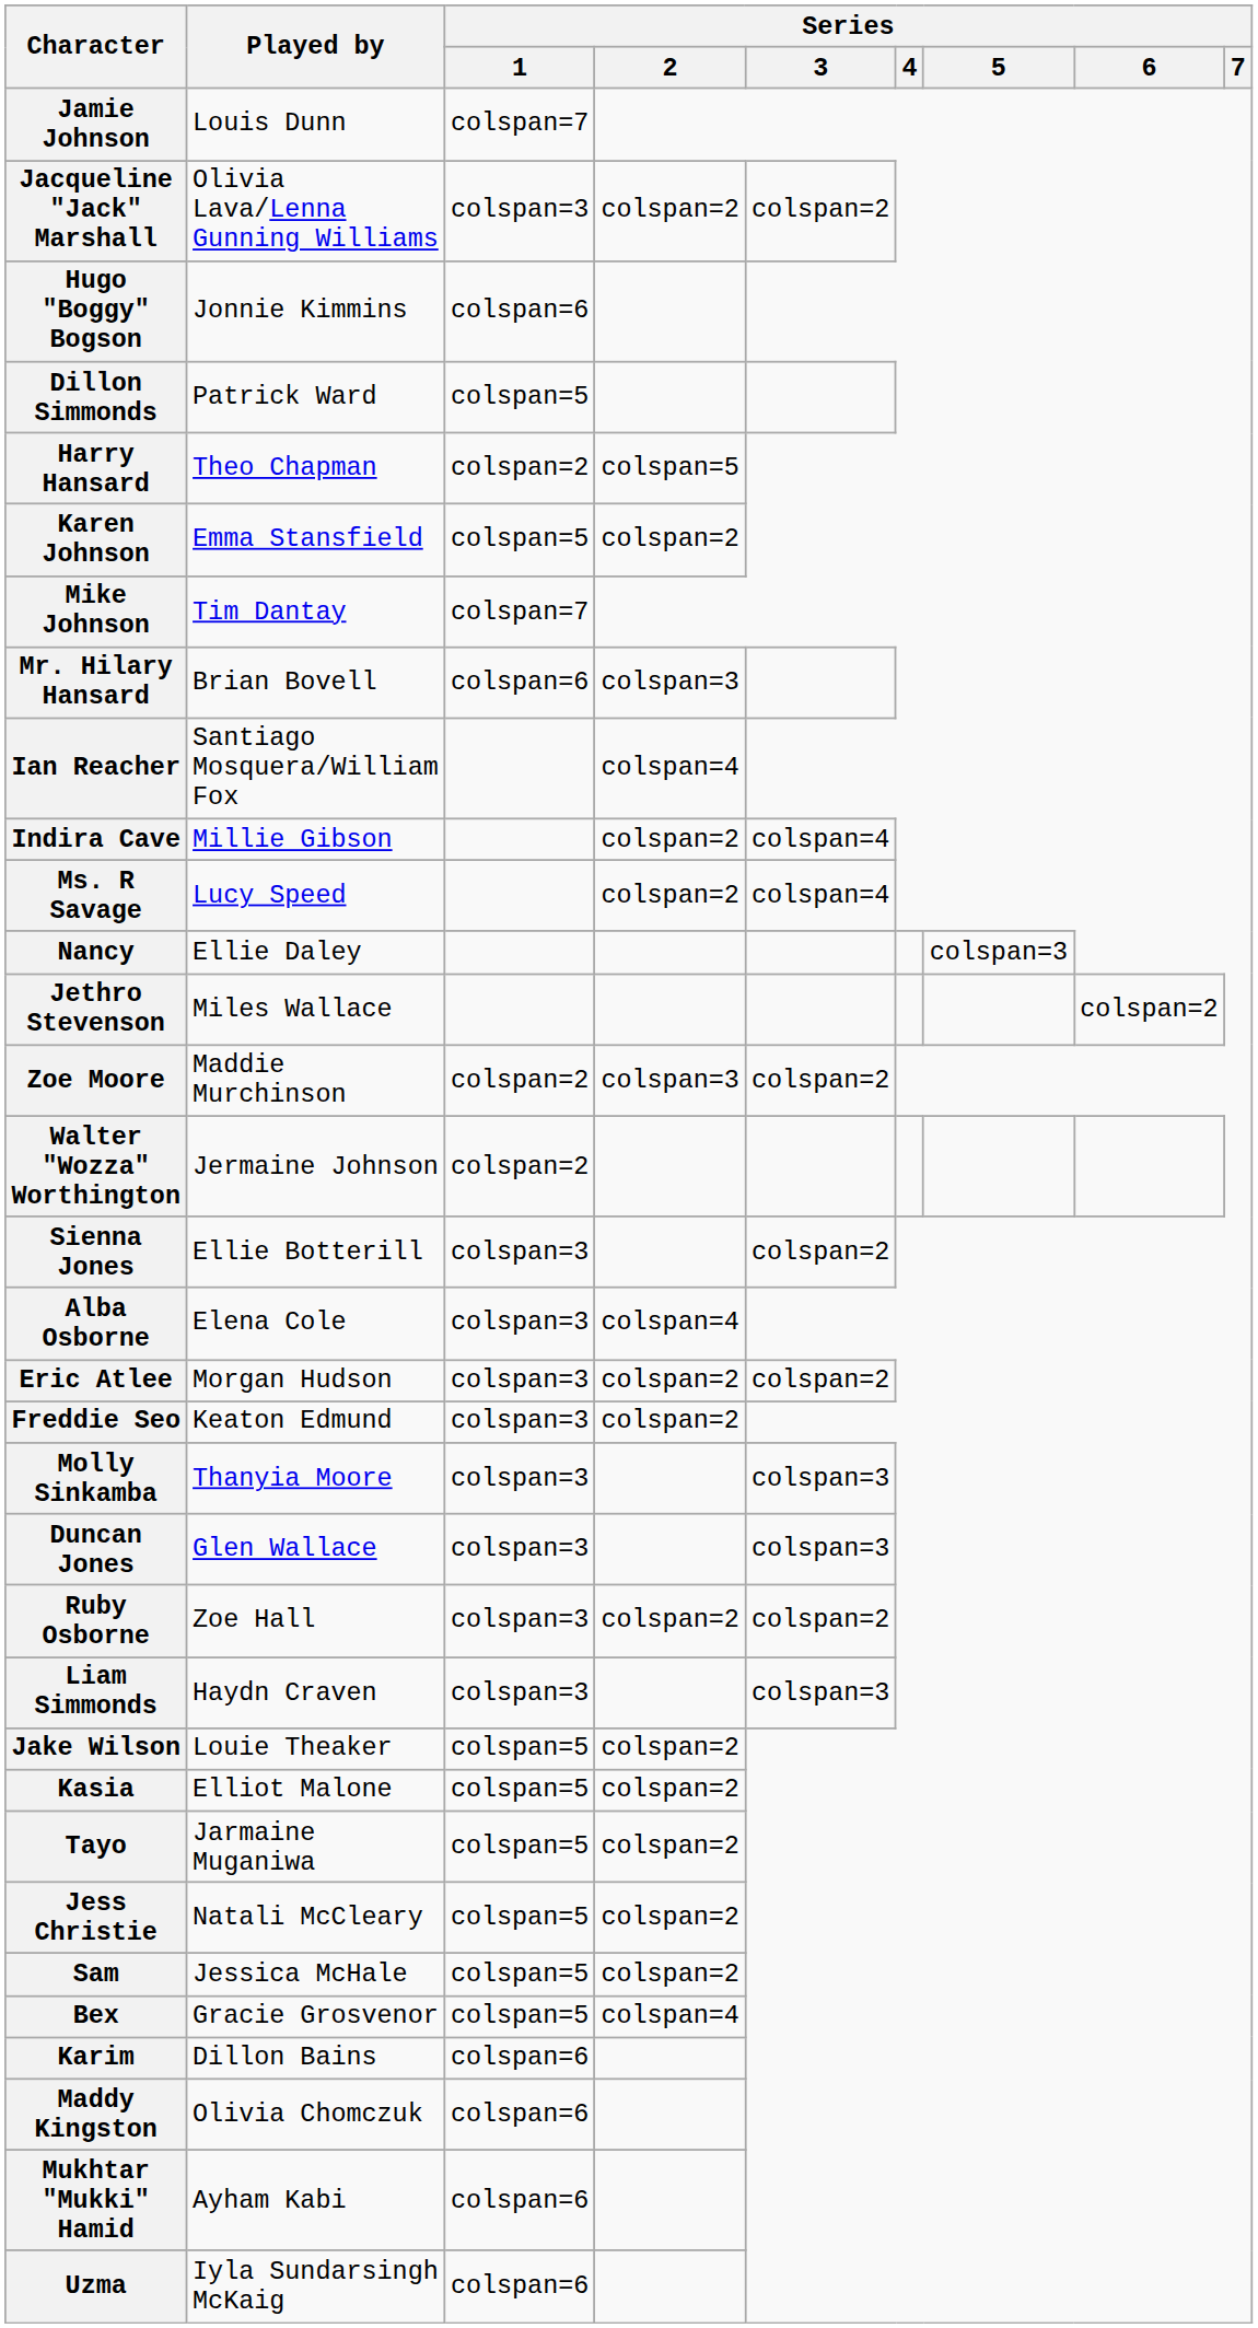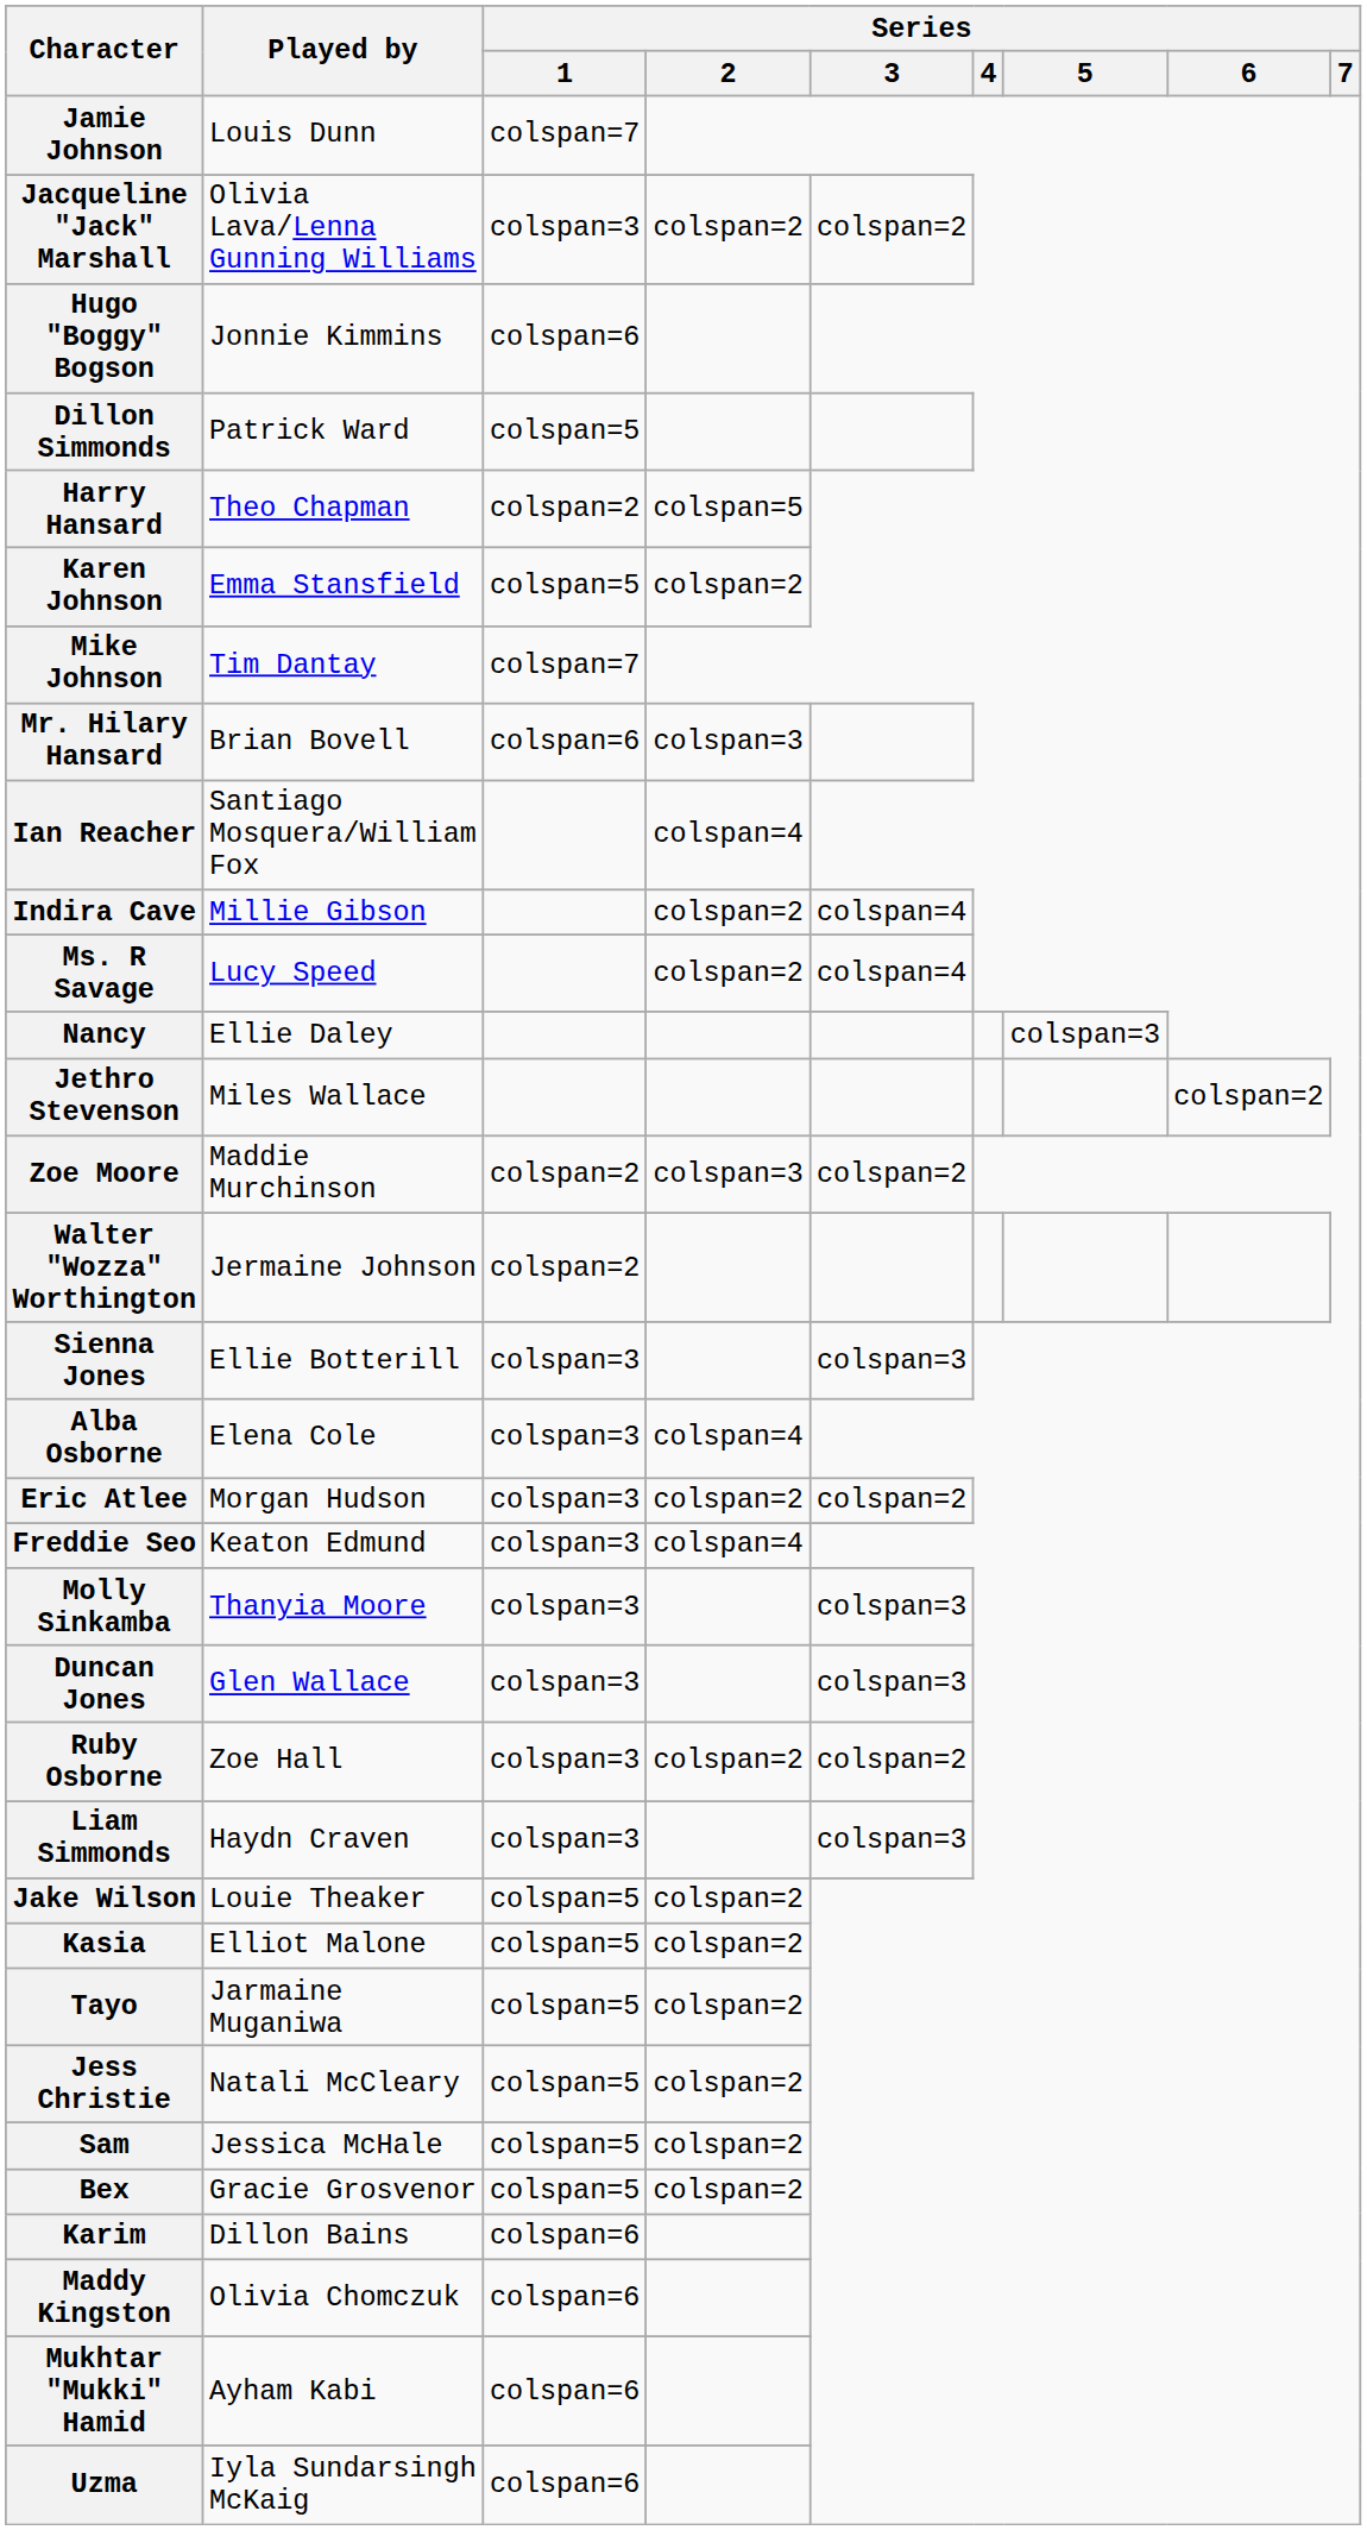 <table class="wikitable planrowheaders" style="width: 70%; margin-right: 0;">
 <tr>
 <th rowspan="2" width="21%">Character</th>
 <th rowspan="2" width="17%">Played by</th>
 <th colspan="7" width="40%">Series</th>
 </tr>
 <tr>
 <th Jamie Johnson series 1>1</th>
 <th Jamie Johnson series 2>2</th>
 <th Jamie Johnson series 3>3</th>
 <th Jamie Johnson series 4>4</th>
 <th Jamie Johnson series 5>5</th>
 <th Jamie Johnson series 6>6</th>
 <th Jamie Johnson series 7>7</th>
 </tr>
 <tr>
 <th>Jamie Johnson</th>
 <td>Louis Dunn</td>
 <td>colspan=7 </td>
 </tr>
 <tr>
 <th>Jacqueline "Jack" Marshall</th>
 <td>Olivia Lava/<a href='#'>Lenna Gunning Williams</a></td>
 <td>colspan=3 </td>
 <td>colspan=2 </td>
 <td>colspan=2 </td>
 </tr>
 <tr>
 <th>Hugo "Boggy" Bogson</th>
 <td>Jonnie Kimmins</td>
 <td>colspan=6 </td>
 <td></td>
 </tr>
 <tr>
 <th>Dillon Simmonds</th>
 <td>Patrick Ward</td>
 <td>colspan=5 </td>
 <td></td>
 <td></td>
 </tr>
 <tr>
 <th>Harry Hansard</th>
 <td><a href='#'>Theo Chapman</a></td>
 <td>colspan=2 </td>
 <td>colspan=5 </td>
 </tr>
 <tr>
 <th>Karen Johnson</th>
 <td><a href='#'>Emma Stansfield</a></td>
 <td>colspan=5 </td>
 <td>colspan=2 </td>
 </tr>
 <tr>
 <th>Mike Johnson</th>
 <td><a href='#'>Tim Dantay</a></td>
 <td>colspan=7 </td>
 </tr>
 <tr>
 <th>Mr. Hilary Hansard</th>
 <td>Brian Bovell</td>
 <td>colspan=6 </td>
 <td>colspan=3 </td>
 <td></td>
 </tr>
 <tr>
 <th>Ian Reacher</th>
 <td>Santiago Mosquera/William Fox</td>
 <td></td>
 <td>colspan=4 </td>
 </tr>
 <tr>
 <th>Indira Cave</th>
 <td><a href='#'>Millie Gibson</a></td>
 <td></td>
 <td>colspan=2 </td>
 <td>colspan=4 </td>
 </tr>
 <tr>
 <th>Ms. R Savage</th>
 <td><a href='#'>Lucy Speed</a></td>
 <td></td>
 <td>colspan=2 </td>
 <td>colspan=4 </td>
 </tr>
 <tr>
 <th>Nancy</th>
 <td>Ellie Daley</td>
 <td></td>
 <td></td>
 <td></td>
 <td></td>
 <td>colspan=3 </td>
 </tr>
 <tr>
 <th>Jethro Stevenson</th>
 <td>Miles Wallace</td>
 <td></td>
 <td></td>
 <td></td>
 <td></td>
 <td></td>
 <td>colspan=2 </td>
 </tr>
 <tr>
 <th>Zoe Moore</th>
 <td>Maddie Murchinson</td>
 <td>colspan=2 </td>
 <td>colspan=3 </td>
 <td>colspan=2 </td>
 </tr>
 <tr>
 <th>Walter "Wozza" Worthington</th>
 <td>Jermaine Johnson</td>
 <td>colspan=2 </td>
 <td></td>
 <td></td>
 <td></td>
 <td></td>
 <td></td>
 </tr>
 <tr>
 <th>Sienna Jones</th>
 <td>Ellie Botterill</td>
 <td>colspan=3 </td>
 <td></td>
-<td>colspan=2 </td>
+<td>colspan=3 </td>
 </tr>
 <tr>
 <th>Alba Osborne</th>
 <td>Elena Cole</td>
 <td>colspan=3 </td>
 <td>colspan=4 </td>
 </tr>
 <tr>
 <th>Eric Atlee</th>
 <td>Morgan Hudson</td>
 <td>colspan=3 </td>
 <td>colspan=2 </td>
 <td>colspan=2 </td>
 </tr>
 <tr>
 <th>Freddie Seo</th>
 <td>Keaton Edmund</td>
 <td>colspan=3 </td>
-<td>colspan=2 </td>
+<td>colspan=4 </td>
 </tr>
 <tr>
 <th>Molly Sinkamba</th>
 <td><a href='#'>Thanyia Moore</a></td>
 <td>colspan=3 </td>
 <td></td>
 <td>colspan=3 </td>
 </tr>
 <tr>
 <th>Duncan Jones</th>
 <td><a href='#'>Glen Wallace</a></td>
 <td>colspan=3 </td>
 <td></td>
 <td>colspan=3 </td>
 </tr>
 <tr>
 <th>Ruby Osborne</th>
 <td>Zoe Hall</td>
 <td>colspan=3 </td>
 <td>colspan=2 </td>
 <td>colspan=2 </td>
 </tr>
 <tr>
 <th>Liam Simmonds</th>
 <td>Haydn Craven</td>
 <td>colspan=3 </td>
 <td></td>
 <td>colspan=3 </td>
 </tr>
 <tr>
 <th>Jake Wilson</th>
 <td>Louie Theaker</td>
 <td>colspan=5 </td>
 <td>colspan=2 </td>
 </tr>
 <tr>
 <th>Kasia</th>
 <td>Elliot Malone</td>
 <td>colspan=5 </td>
 <td>colspan=2 </td>
 </tr>
 <tr>
 <th>Tayo</th>
 <td>Jarmaine Muganiwa</td>
 <td>colspan=5 </td>
 <td>colspan=2 </td>
 </tr>
 <tr>
 <th>Jess Christie</th>
 <td>Natali McCleary</td>
 <td>colspan=5 </td>
 <td>colspan=2 </td>
 </tr>
 <tr>
 <th>Sam</th>
 <td>Jessica McHale</td>
 <td>colspan=5 </td>
 <td>colspan=2 </td>
 </tr>
 <tr>
 <th>Bex</th>
 <td>Gracie Grosvenor</td>
 <td>colspan=5 </td>
-<td>colspan=4 </td>
+<td>colspan=2 </td>
 </tr>
 <tr>
 <th>Karim</th>
 <td>Dillon Bains</td>
 <td>colspan=6 </td>
 <td></td>
 </tr>
 <tr>
 <th>Maddy Kingston</th>
 <td>Olivia Chomczuk</td>
 <td>colspan=6 </td>
 <td></td>
 </tr>
 <tr>
 <th>Mukhtar "Mukki" Hamid</th>
 <td>Ayham Kabi</td>
 <td>colspan=6 </td>
 <td></td>
 </tr>
 <tr>
 <th>Uzma</th>
 <td>Iyla Sundarsingh McKaig</td>
 <td>colspan=6 </td>
 <td></td>
 </tr>
 </table>
